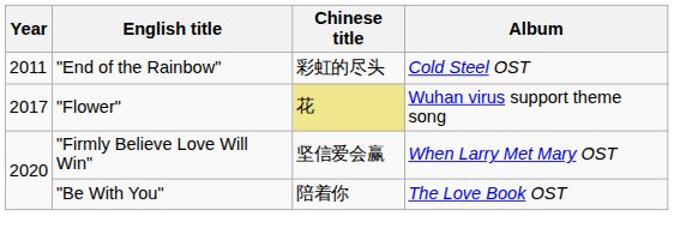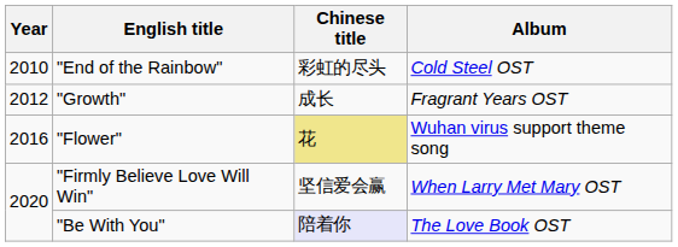 <table class="wikitable sortable">
 <tr>
 <th>Year</th>
 <th>English title</th>
 <th>Chinese title</th>
 <th>Album</th>
 </tr>
 <tr>
-<td>2011</td>
+<td>2010</td>
 <td>"End of the Rainbow"</td>
 <td>彩虹的尽头</td>
 <td><em><a href='#'>Cold Steel</a> OST </em></td>
 </tr>
 <tr>
-<td>2017</td>
+<td>2012</td>
+<td>"Growth"</td>
+<td>成长</td>
+<td><em>Fragrant Years OST </em></td>
+</tr>
+<tr>
+<td>2016</td>
 <td>"Flower"</td>
 <td style="background: khaki;">花</td>
 <td><a href='#'>Wuhan virus</a> support theme song</td>
 </tr>
 <tr>
 <td rowspan="2">2020</td>
 <td>"Firmly Believe Love Will Win"</td>
 <td>坚信爱会赢</td>
 <td><em><a href='#'>When Larry Met Mary</a> OST</em></td>
 </tr>
 <tr>
 <td>"Be With You"</td>
-<td>陪着你</td>
+<td style="background: lavender;">陪着你</td>
 <td><em><a href='#'>The Love Book</a> OST</em></td>
 </tr>
 </table>
